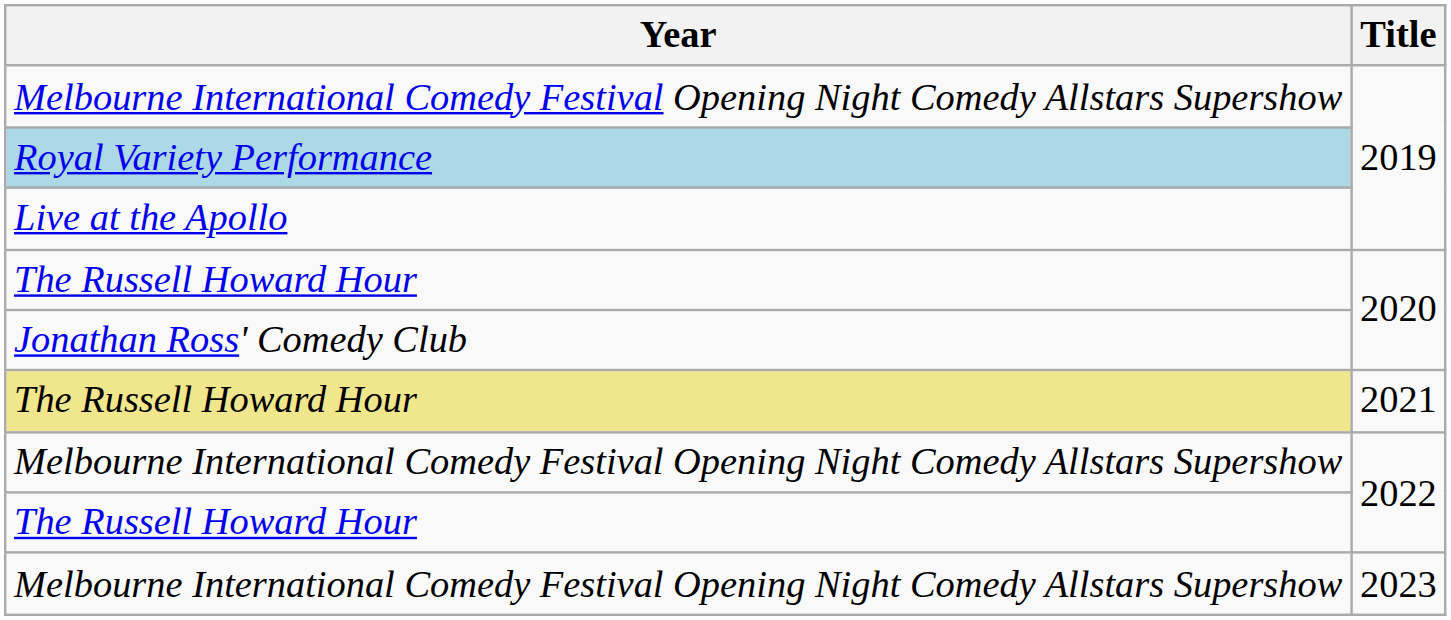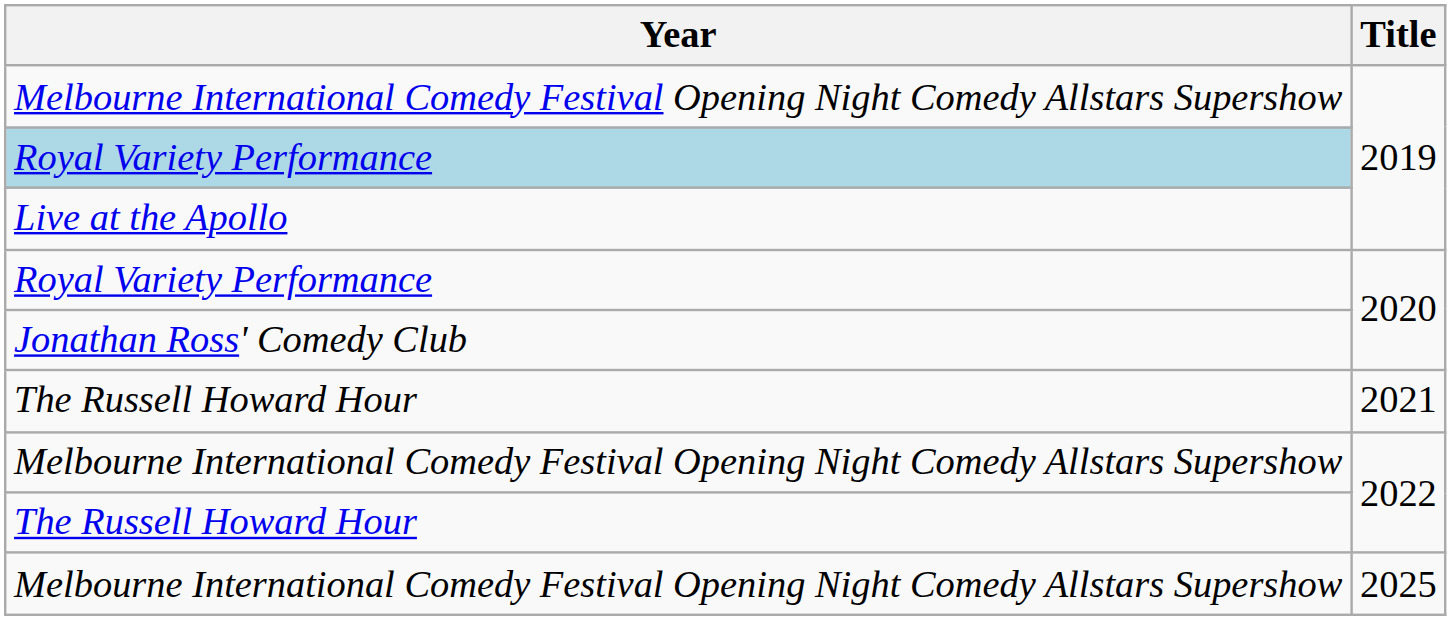 <table class="wikitable">
 <tr>
 <th>Year</th>
 <th>Title</th>
 </tr>
 <tr>
 <td><em><a href='#'>Melbourne International Comedy Festival</a> Opening Night Comedy Allstars Supershow</em></td>
 <td rowspan="3">2019</td>
 </tr>
 <tr>
 <td style="background: lightblue;"><em><a href='#'>Royal Variety Performance</a></em></td>
 </tr>
 <tr>
 <td><em><a href='#'>Live at the Apollo</a></em></td>
 </tr>
 <tr>
-<td><em><a href='#'>The Russell Howard Hour</a></em></td>
+<td><em><a href='#'>Royal Variety Performance</a></em></td>
 <td rowspan="2">2020</td>
 </tr>
 <tr>
 <td><em><a href='#'>Jonathan Ross</a>' Comedy Club</em></td>
 </tr>
 <tr>
-<td style="background: khaki;"><em>The Russell Howard Hour</em></td>
+<td><em>The Russell Howard Hour</em></td>
 <td>2021</td>
 </tr>
 <tr>
 <td><em>Melbourne International Comedy Festival Opening Night Comedy Allstars Supershow</em></td>
 <td rowspan="2">2022</td>
 </tr>
 <tr>
 <td><em><a href='#'>The Russell Howard Hour</a></em></td>
 </tr>
 <tr>
 <td><em>Melbourne International Comedy Festival Opening Night Comedy Allstars Supershow</em></td>
-<td>2023</td>
+<td>2025</td>
 </tr>
 </table>
